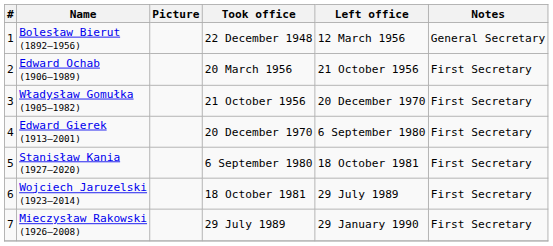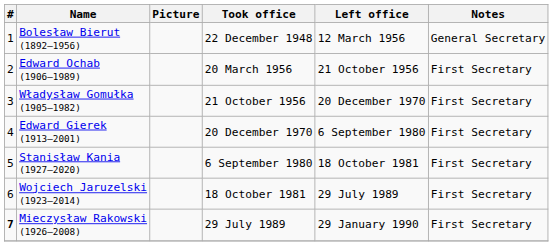 <table class="wikitable">
 <tr>
 <th>#</th>
 <th>Name</th>
 <th>Picture</th>
 <th>Took office</th>
 <th>Left office</th>
 <th>Notes</th>
 </tr>
 <tr>
 <td>1</td>
 <td><a href='#'>Bolesław Bierut</a><br><small>(1892–1956)</small></td>
 <td></td>
 <td>22 December 1948</td>
 <td>12 March 1956</td>
 <td>General Secretary</td>
 </tr>
 <tr>
 <td>2</td>
 <td><a href='#'>Edward Ochab</a><br><small>(1906–1989)</small></td>
 <td></td>
 <td>20 March 1956</td>
 <td>21 October 1956</td>
 <td>First Secretary</td>
 </tr>
 <tr>
 <td>3</td>
 <td><a href='#'>Władysław Gomułka</a><br><small>(1905–1982)</small></td>
 <td></td>
 <td>21 October 1956</td>
 <td>20 December 1970</td>
 <td>First Secretary</td>
 </tr>
 <tr>
 <td>4</td>
 <td><a href='#'>Edward Gierek</a><br><small>(1913–2001)</small></td>
 <td></td>
 <td>20 December 1970</td>
 <td>6 September 1980</td>
 <td>First Secretary</td>
 </tr>
 <tr>
 <td>5</td>
 <td><a href='#'>Stanisław Kania</a><br><small>(1927–2020)</small></td>
 <td></td>
 <td>6 September 1980</td>
 <td>18 October 1981</td>
 <td>First Secretary</td>
 </tr>
 <tr>
 <td>6</td>
 <td><a href='#'>Wojciech Jaruzelski</a><br><small>(1923–2014)</small></td>
 <td></td>
 <td>18 October 1981</td>
 <td>29 July 1989</td>
 <td>First Secretary</td>
 </tr>
 <tr>
-<td>7</td>
+<td><strong>7</strong></td>
 <td><a href='#'>Mieczysław Rakowski</a><br><small>(1926–2008)</small></td>
 <td></td>
 <td>29 July 1989</td>
 <td>29 January 1990</td>
 <td>First Secretary</td>
 </tr>
 <tr>
 </tr>
 </table>
